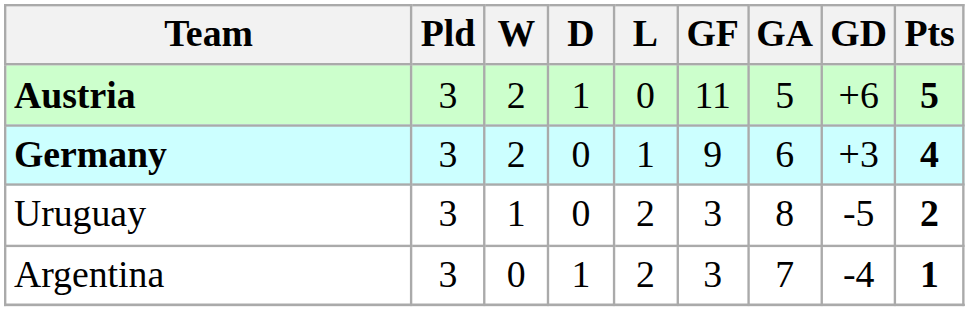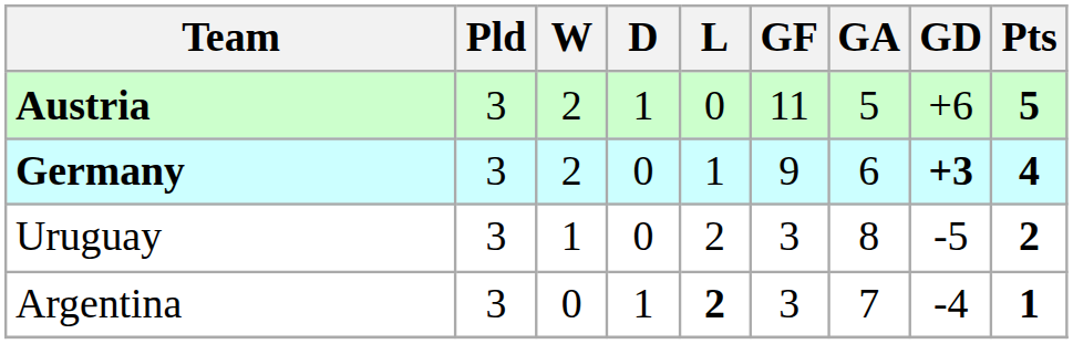 <table class="wikitable" style="text-align: center;">
 <tr>
 <th width=165>Team</th>
 <th width=20>Pld</th>
 <th width=20>W</th>
 <th width=20>D</th>
 <th width=20>L</th>
 <th width=20>GF</th>
 <th width=20>GA</th>
 <th width=20>GD</th>
 <th width=20>Pts</th>
 </tr>
 <tr bgcolor=#ccffcc>
 <td align=left> <strong>Austria</strong></td>
 <td>3</td>
 <td>2</td>
 <td>1</td>
 <td>0</td>
 <td>11</td>
 <td>5</td>
 <td>+6</td>
 <td><strong>5</strong></td>
 </tr>
 <tr bgcolor=#ccffff>
 <td align=left> <strong>Germany</strong></td>
 <td>3</td>
 <td>2</td>
 <td>0</td>
 <td>1</td>
 <td>9</td>
 <td>6</td>
-<td>+3</td>
+<td><strong>+3</strong></td>
 <td><strong>4</strong></td>
 </tr>
 <tr bgcolor=#ffffff>
 <td align=left> Uruguay</td>
 <td>3</td>
 <td>1</td>
 <td>0</td>
 <td>2</td>
 <td>3</td>
 <td>8</td>
 <td>-5</td>
 <td><strong>2</strong></td>
 </tr>
 <tr bgcolor=#ffffff>
 <td align=left> Argentina</td>
 <td>3</td>
 <td>0</td>
 <td>1</td>
-<td>2</td>
+<td><strong>2</strong></td>
 <td>3</td>
 <td>7</td>
 <td>-4</td>
 <td><strong>1</strong></td>
 </tr>
 <tr>
 </tr>
 </table>
